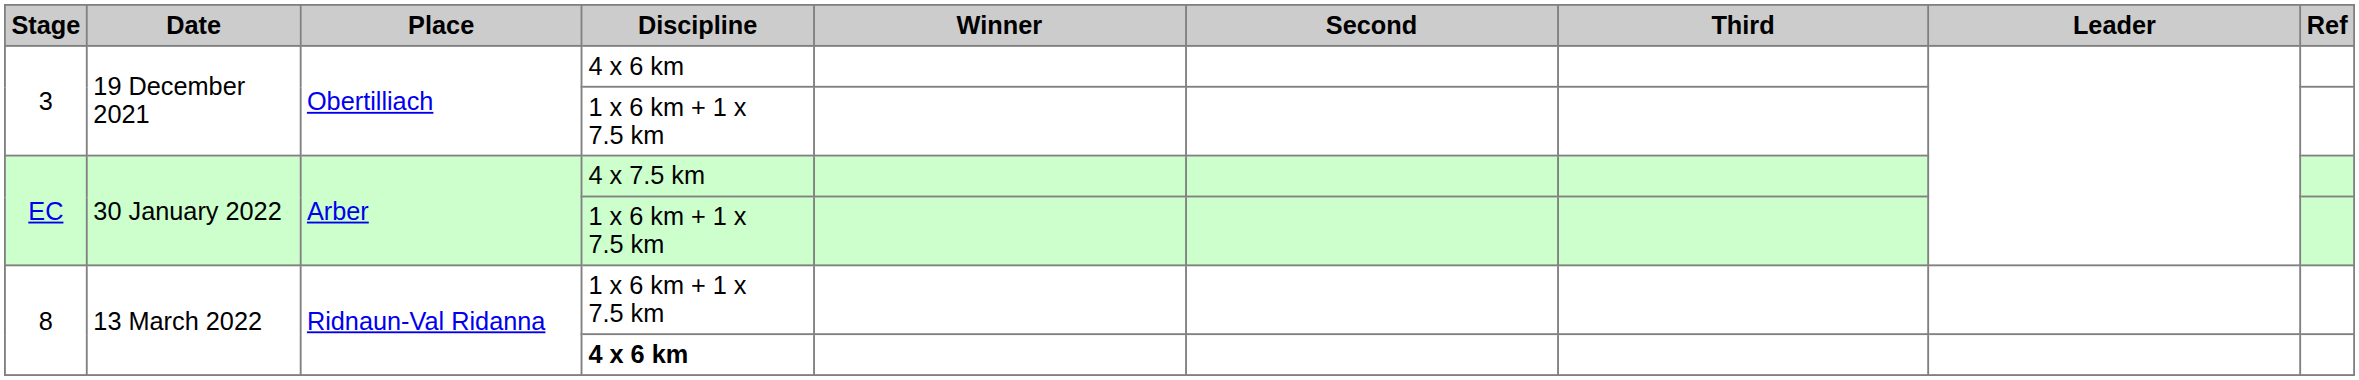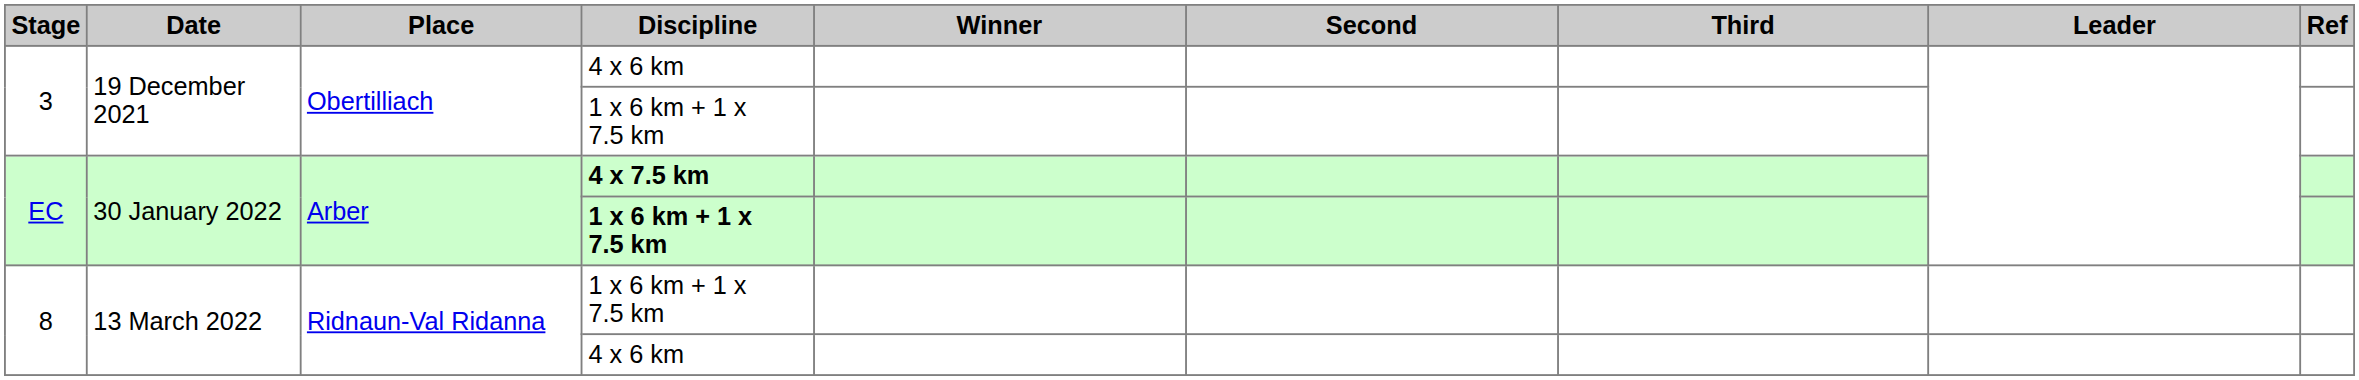 <table cellpadding=3 border="1" style="background:#FFFFFF; font-size:85%; border:grey solid 1px; border-collapse:collapse;">
 <tr style="background:#CCC; text-align:center;">
 <th width="10">Stage</th>
 <th width="110">Date</th>
 <th width="148">Place</th>
 <th width="120">Discipline</th>
 <th width="200">Winner</th>
 <th width="200">Second</th>
 <th width="200">Third</th>
 <th width="200">Leader <br> </th>
 <th width="8">Ref</th>
 </tr>
 <tr>
 <td rowspan=2 align=center>3</td>
 <td rowspan=2>19 December 2021</td>
 <td rowspan=2> <a href='#'>Obertilliach</a></td>
 <td>4 x 6 km</td>
 <td></td>
 <td></td>
 <td></td>
 <td rowspan=4></td>
 <td></td>
 </tr>
 <tr>
 <td>1 x 6 km + 1 x 7.5 km <br></td>
 <td></td>
 <td></td>
 <td></td>
 <td></td>
 </tr>
 <tr style="background:#CCFFCC">
 <td rowspan=2 align=center><a href='#'>EC</a></td>
 <td rowspan=2>30 January 2022</td>
 <td rowspan=2> <a href='#'>Arber</a></td>
-<td>4 x 7.5 km</td>
+<td><strong>4 x 7.5 km</strong></td>
 <td></td>
 <td></td>
 <td> </td>
 <td></td>
 </tr>
 <tr style="background:#CCFFCC">
-<td>1 x 6 km + 1 x 7.5 km <br></td>
+<td><strong>1 x 6 km + 1 x 7.5 km <br></strong></td>
 <td></td>
 <td></td>
 <td></td>
 <td></td>
 </tr>
 <tr>
 <td rowspan=2 align=center>8</td>
 <td rowspan=2>13 March 2022</td>
 <td rowspan=2> <a href='#'>Ridnaun-Val Ridanna</a></td>
 <td>1 x 6 km + 1 x 7.5 km <br></td>
 <td></td>
 <td></td>
 <td></td>
 <td></td>
 <td></td>
 </tr>
 <tr>
-<td><strong>4 x 6 km</strong></td>
+<td>4 x 6 km</td>
 <td></td>
 <td></td>
 <td></td>
 <td></td>
 <td></td>
 </tr>
 </table>
